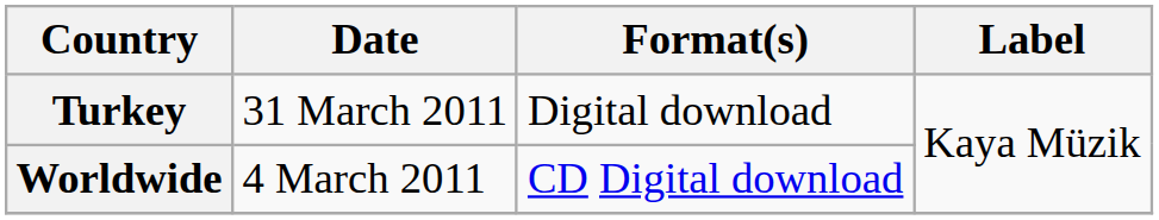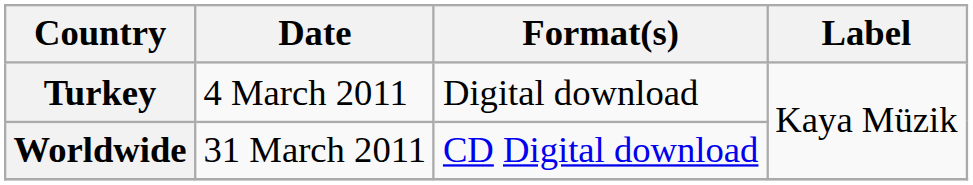 <table class="wikitable plainrowheaders">
 <tr>
 <th scope="col">Country</th>
 <th scope="col">Date</th>
 <th scope="col">Format(s)</th>
 <th scope="col">Label</th>
 </tr>
 <tr>
 <th scope="row">Turkey</th>
-<td>31 March 2011</td>
+<td>4 March 2011</td>
 <td>Digital download</td>
 <td rowspan="2">Kaya Müzik</td>
 </tr>
 <tr>
 <th scope="row">Worldwide</th>
-<td>4 March 2011</td>
+<td>31 March 2011</td>
 <td><a href='#'>CD</a> <a href='#'>Digital download</a></td>
 </tr>
 <tr>
 </tr>
 </table>
